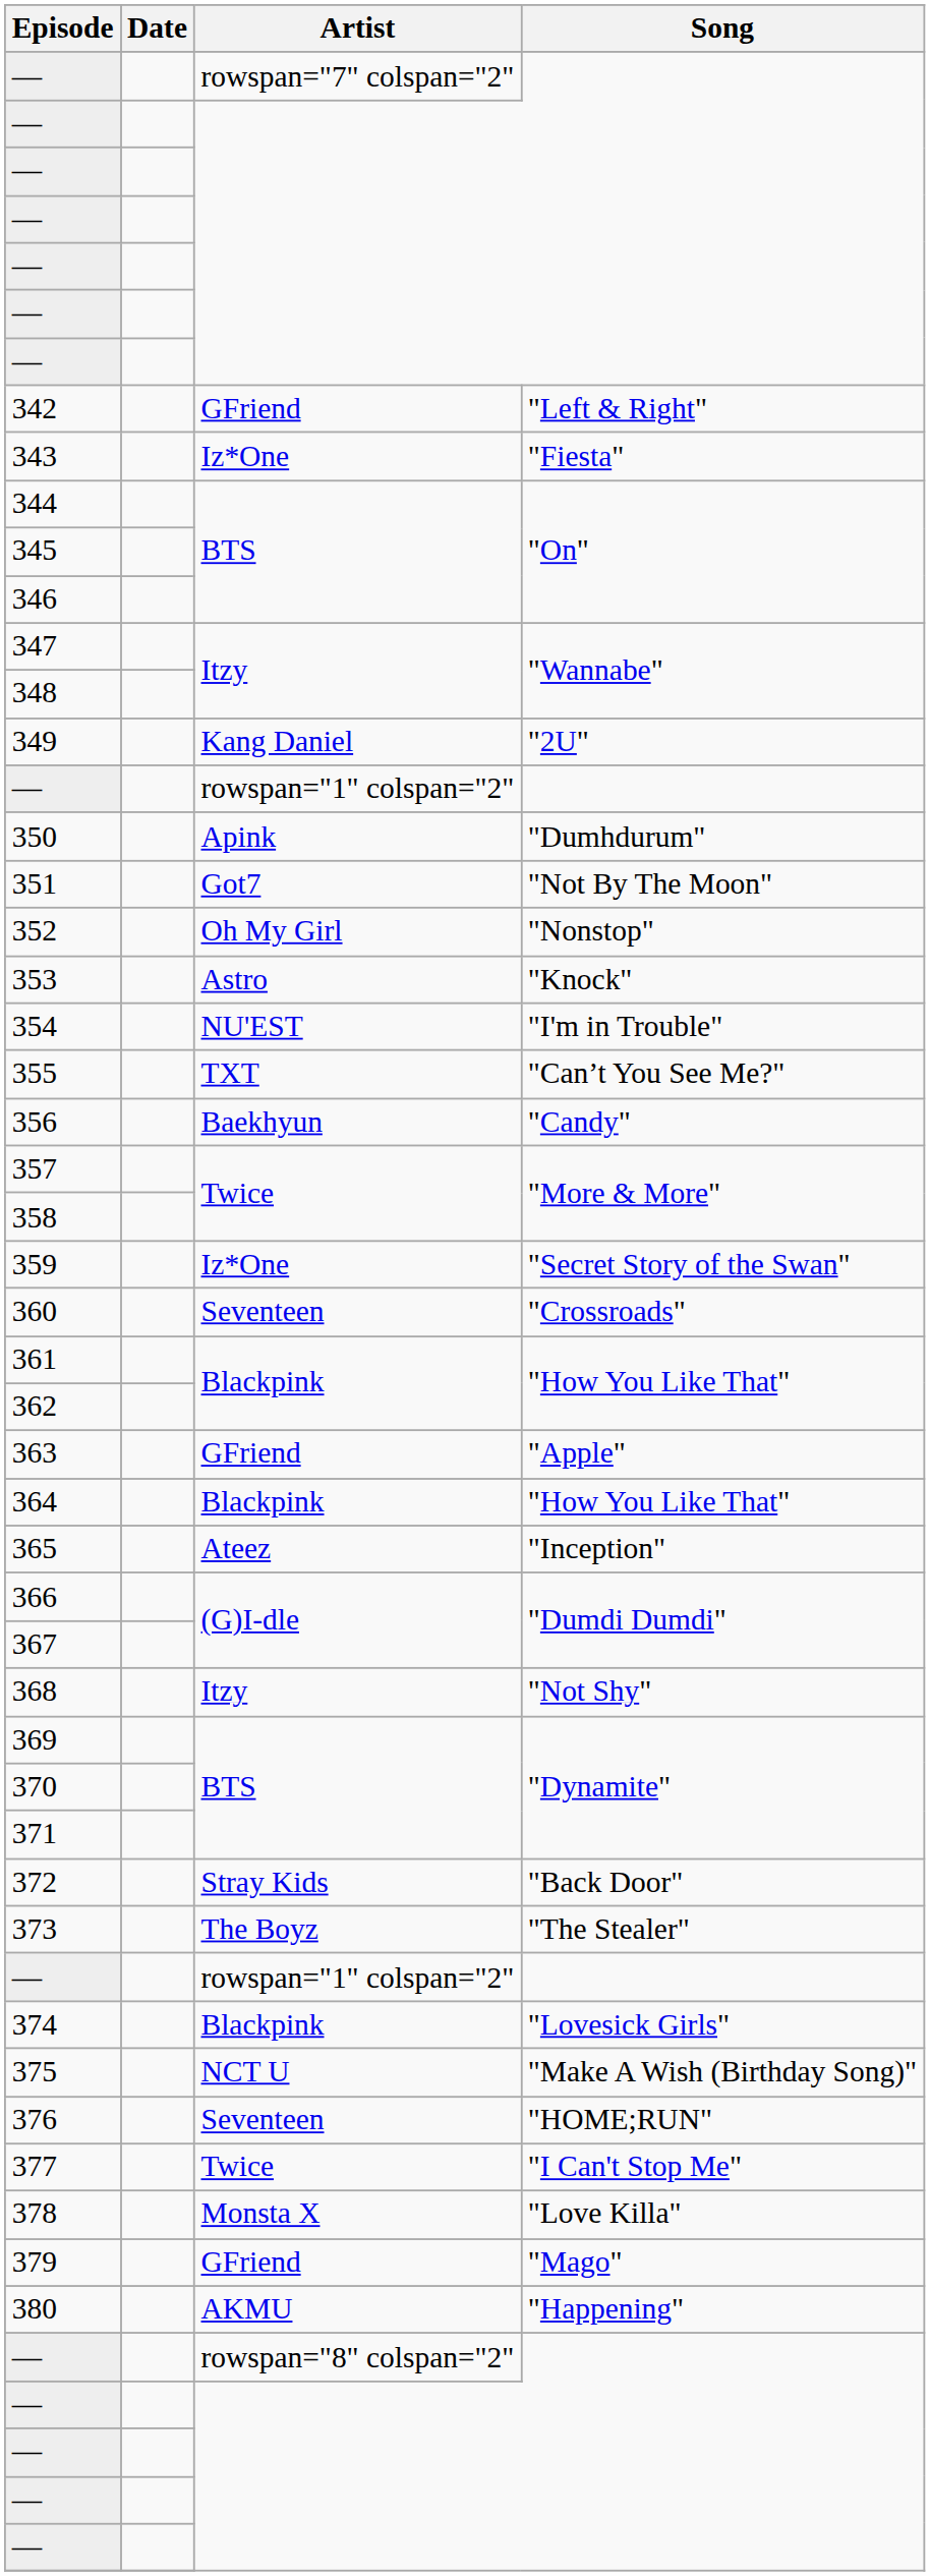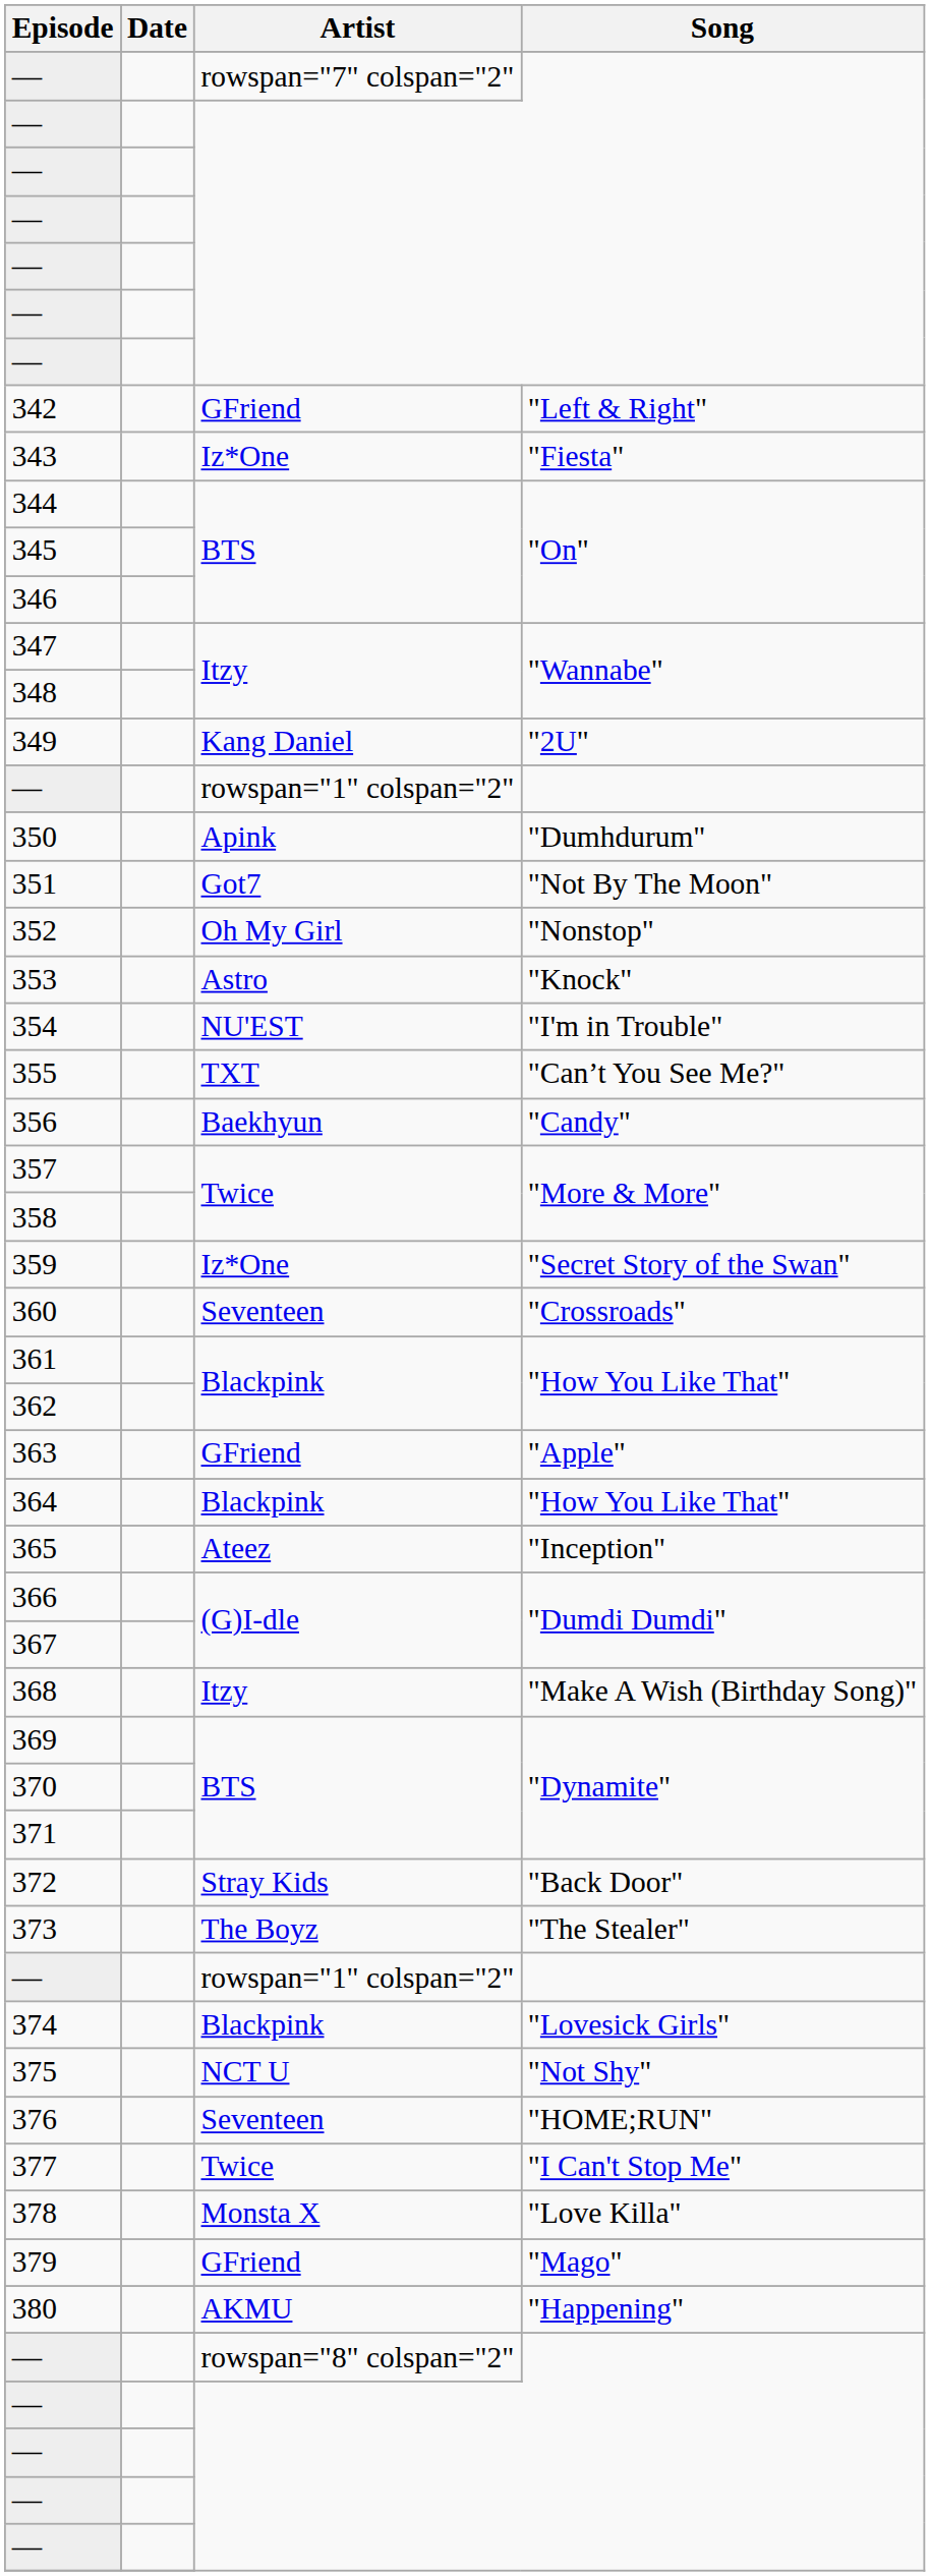 <table class="sortable wikitable">
 <tr>
 <th>Episode</th>
 <th>Date</th>
 <th>Artist</th>
 <th>Song</th>
 </tr>
 <tr>
 <td style="background:#eee;">—</td>
 <td></td>
 <td>rowspan="7" colspan="2" </td>
 </tr>
 <tr>
 <td style="background:#eee;">—</td>
 <td></td>
 </tr>
 <tr>
 <td style="background:#eee;">—</td>
 <td></td>
 </tr>
 <tr>
 <td style="background:#eee;">—</td>
 <td></td>
 </tr>
 <tr>
 <td style="background:#eee;">—</td>
 <td></td>
 </tr>
 <tr>
 <td style="background:#eee;">—</td>
 <td></td>
 </tr>
 <tr>
 <td style="background:#eee;">—</td>
 <td></td>
 </tr>
 <tr>
 <td>342</td>
 <td></td>
 <td><a href='#'>GFriend</a></td>
 <td>"<a href='#'>Left & Right</a>"</td>
 </tr>
 <tr>
 <td>343</td>
 <td></td>
 <td><a href='#'>Iz*One</a></td>
 <td>"<a href='#'>Fiesta</a>"</td>
 </tr>
 <tr>
 <td>344</td>
 <td></td>
 <td rowspan="3"><a href='#'>BTS</a></td>
 <td rowspan="3">"<a href='#'>On</a>"</td>
 </tr>
 <tr>
 <td>345</td>
 <td></td>
 </tr>
 <tr>
 <td>346</td>
 <td></td>
 </tr>
 <tr>
 <td>347</td>
 <td></td>
 <td rowspan="2"><a href='#'>Itzy</a></td>
 <td rowspan="2">"<a href='#'>Wannabe</a>"</td>
 </tr>
 <tr>
 <td>348</td>
 <td></td>
 </tr>
 <tr>
 <td>349</td>
 <td></td>
 <td><a href='#'>Kang Daniel</a></td>
 <td>"<a href='#'>2U</a>"</td>
 </tr>
 <tr>
 <td style="background:#eee;">—</td>
 <td></td>
 <td>rowspan="1" colspan="2" </td>
 </tr>
 <tr>
 <td>350</td>
 <td></td>
 <td><a href='#'>Apink</a></td>
 <td>"Dumhdurum"</td>
 </tr>
 <tr>
 <td>351</td>
 <td></td>
 <td><a href='#'>Got7</a></td>
 <td>"Not By The Moon"</td>
 </tr>
 <tr>
 <td>352</td>
 <td></td>
 <td><a href='#'>Oh My Girl</a></td>
 <td>"Nonstop"</td>
 </tr>
 <tr>
 <td>353</td>
 <td></td>
 <td><a href='#'>Astro</a></td>
 <td>"Knock"</td>
 </tr>
 <tr>
 <td>354</td>
 <td></td>
 <td><a href='#'>NU'EST</a></td>
 <td>"I'm in Trouble"</td>
 </tr>
 <tr>
 <td>355</td>
 <td></td>
 <td><a href='#'>TXT</a></td>
 <td>"Can’t You See Me?"</td>
 </tr>
 <tr>
 <td>356</td>
 <td></td>
 <td><a href='#'>Baekhyun</a></td>
 <td>"<a href='#'>Candy</a>"</td>
 </tr>
 <tr>
 <td>357</td>
 <td></td>
 <td rowspan="2"><a href='#'>Twice</a></td>
 <td rowspan="2">"<a href='#'>More & More</a>"</td>
 </tr>
 <tr>
 <td>358</td>
 <td></td>
 </tr>
 <tr>
 <td>359</td>
 <td></td>
 <td><a href='#'>Iz*One</a></td>
 <td>"<a href='#'>Secret Story of the Swan</a>"</td>
 </tr>
 <tr>
 <td>360</td>
 <td></td>
 <td><a href='#'>Seventeen</a></td>
 <td>"<a href='#'>Crossroads</a>"</td>
 </tr>
 <tr>
 <td>361</td>
 <td></td>
 <td rowspan="2"><a href='#'>Blackpink</a></td>
 <td rowspan="2">"<a href='#'>How You Like That</a>"</td>
 </tr>
 <tr>
 <td>362</td>
 <td></td>
 </tr>
 <tr>
 <td>363</td>
 <td></td>
 <td><a href='#'>GFriend</a></td>
 <td>"<a href='#'>Apple</a>"</td>
 </tr>
 <tr>
 <td>364</td>
 <td></td>
 <td><a href='#'>Blackpink</a></td>
 <td>"<a href='#'>How You Like That</a>"</td>
 </tr>
 <tr>
 <td>365</td>
 <td></td>
 <td><a href='#'>Ateez</a></td>
 <td>"Inception"</td>
 </tr>
 <tr>
 <td>366</td>
 <td></td>
 <td rowspan="2"><a href='#'>(G)I-dle</a></td>
 <td rowspan="2">"<a href='#'>Dumdi Dumdi</a>"</td>
 </tr>
 <tr>
 <td>367</td>
 <td></td>
 </tr>
 <tr>
 <td>368</td>
 <td></td>
 <td><a href='#'>Itzy</a></td>
-<td>"<a href='#'>Not Shy</a>"</td>
+<td>"Make A Wish (Birthday Song)"</td>
 </tr>
 <tr>
 <td>369</td>
 <td></td>
 <td rowspan="3"><a href='#'>BTS</a></td>
 <td rowspan="3">"<a href='#'>Dynamite</a>"</td>
 </tr>
 <tr>
 <td>370</td>
 <td></td>
 </tr>
 <tr>
 <td>371</td>
 <td></td>
 </tr>
 <tr>
 <td>372</td>
 <td></td>
 <td><a href='#'>Stray Kids</a></td>
 <td>"Back Door"</td>
 </tr>
 <tr>
 <td>373</td>
 <td></td>
 <td><a href='#'>The Boyz</a></td>
 <td>"The Stealer"</td>
 </tr>
 <tr>
 <td style="background:#eee;">—</td>
 <td></td>
 <td>rowspan="1" colspan="2" </td>
 </tr>
 <tr>
 <td>374</td>
 <td></td>
 <td><a href='#'>Blackpink</a></td>
 <td>"<a href='#'>Lovesick Girls</a>"</td>
 </tr>
 <tr>
 <td>375</td>
 <td></td>
 <td><a href='#'>NCT U</a></td>
-<td>"Make A Wish (Birthday Song)"</td>
+<td>"<a href='#'>Not Shy</a>"</td>
 </tr>
 <tr>
 <td>376</td>
 <td></td>
 <td><a href='#'>Seventeen</a></td>
 <td>"HOME;RUN"</td>
 </tr>
 <tr>
 <td>377</td>
 <td></td>
 <td><a href='#'>Twice</a></td>
 <td>"<a href='#'>I Can't Stop Me</a>"</td>
 </tr>
 <tr>
 <td>378</td>
 <td></td>
 <td><a href='#'>Monsta X</a></td>
 <td>"Love Killa"</td>
 </tr>
 <tr>
 <td>379</td>
 <td></td>
 <td><a href='#'>GFriend</a></td>
 <td>"<a href='#'>Mago</a>"</td>
 </tr>
 <tr>
 <td>380</td>
 <td></td>
 <td><a href='#'>AKMU</a></td>
 <td>"<a href='#'>Happening</a>"</td>
 </tr>
 <tr>
 <td style="background:#eee;">—</td>
 <td></td>
 <td>rowspan="8" colspan="2" </td>
 </tr>
 <tr>
 <td style="background:#eee;">—</td>
 <td></td>
 </tr>
 <tr>
 <td style="background:#eee;">—</td>
 <td></td>
 </tr>
 <tr>
 <td style="background:#eee;">—</td>
 <td></td>
 </tr>
 <tr>
 <td style="background:#eee;">—</td>
 <td></td>
 </tr>
 <tr>
 </tr>
 </table>
